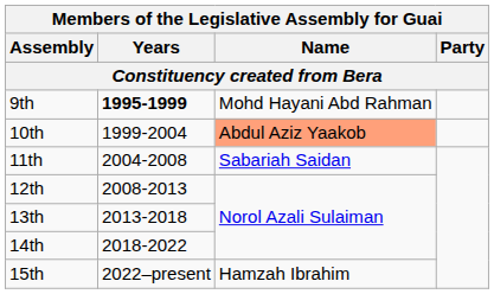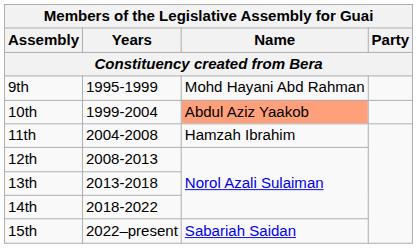 <table class="wikitable">
 <tr>
 <th colspan="4">Members of the Legislative Assembly for Guai</th>
 </tr>
 <tr>
 <th>Assembly</th>
 <th>Years</th>
 <th>Name</th>
 <th>Party</th>
 </tr>
 <tr>
 <th colspan="4"><em>Constituency created from Bera</em></th>
 </tr>
 <tr>
 <td>9th</td>
-<td><strong>1995-1999</strong></td>
+<td>1995-1999</td>
 <td>Mohd Hayani Abd Rahman</td>
 <td></td>
 </tr>
 <tr>
 <td>10th</td>
 <td>1999-2004</td>
 <td style="background: lightsalmon;">Abdul Aziz Yaakob</td>
 <td></td>
 </tr>
 <tr>
 <td>11th</td>
 <td>2004-2008</td>
-<td><a href='#'>Sabariah Saidan</a></td>
+<td>Hamzah Ibrahim</td>
 <td rowspan="5"></td>
 </tr>
 <tr>
 <td>12th</td>
 <td>2008-2013</td>
 <td rowspan="3"><a href='#'>Norol Azali Sulaiman</a></td>
 </tr>
 <tr>
 <td>13th</td>
 <td>2013-2018</td>
 </tr>
 <tr>
 <td>14th</td>
 <td>2018-2022</td>
 </tr>
 <tr>
 <td>15th</td>
 <td>2022–present</td>
-<td>Hamzah Ibrahim</td>
+<td><a href='#'>Sabariah Saidan</a></td>
 </tr>
 </table>
